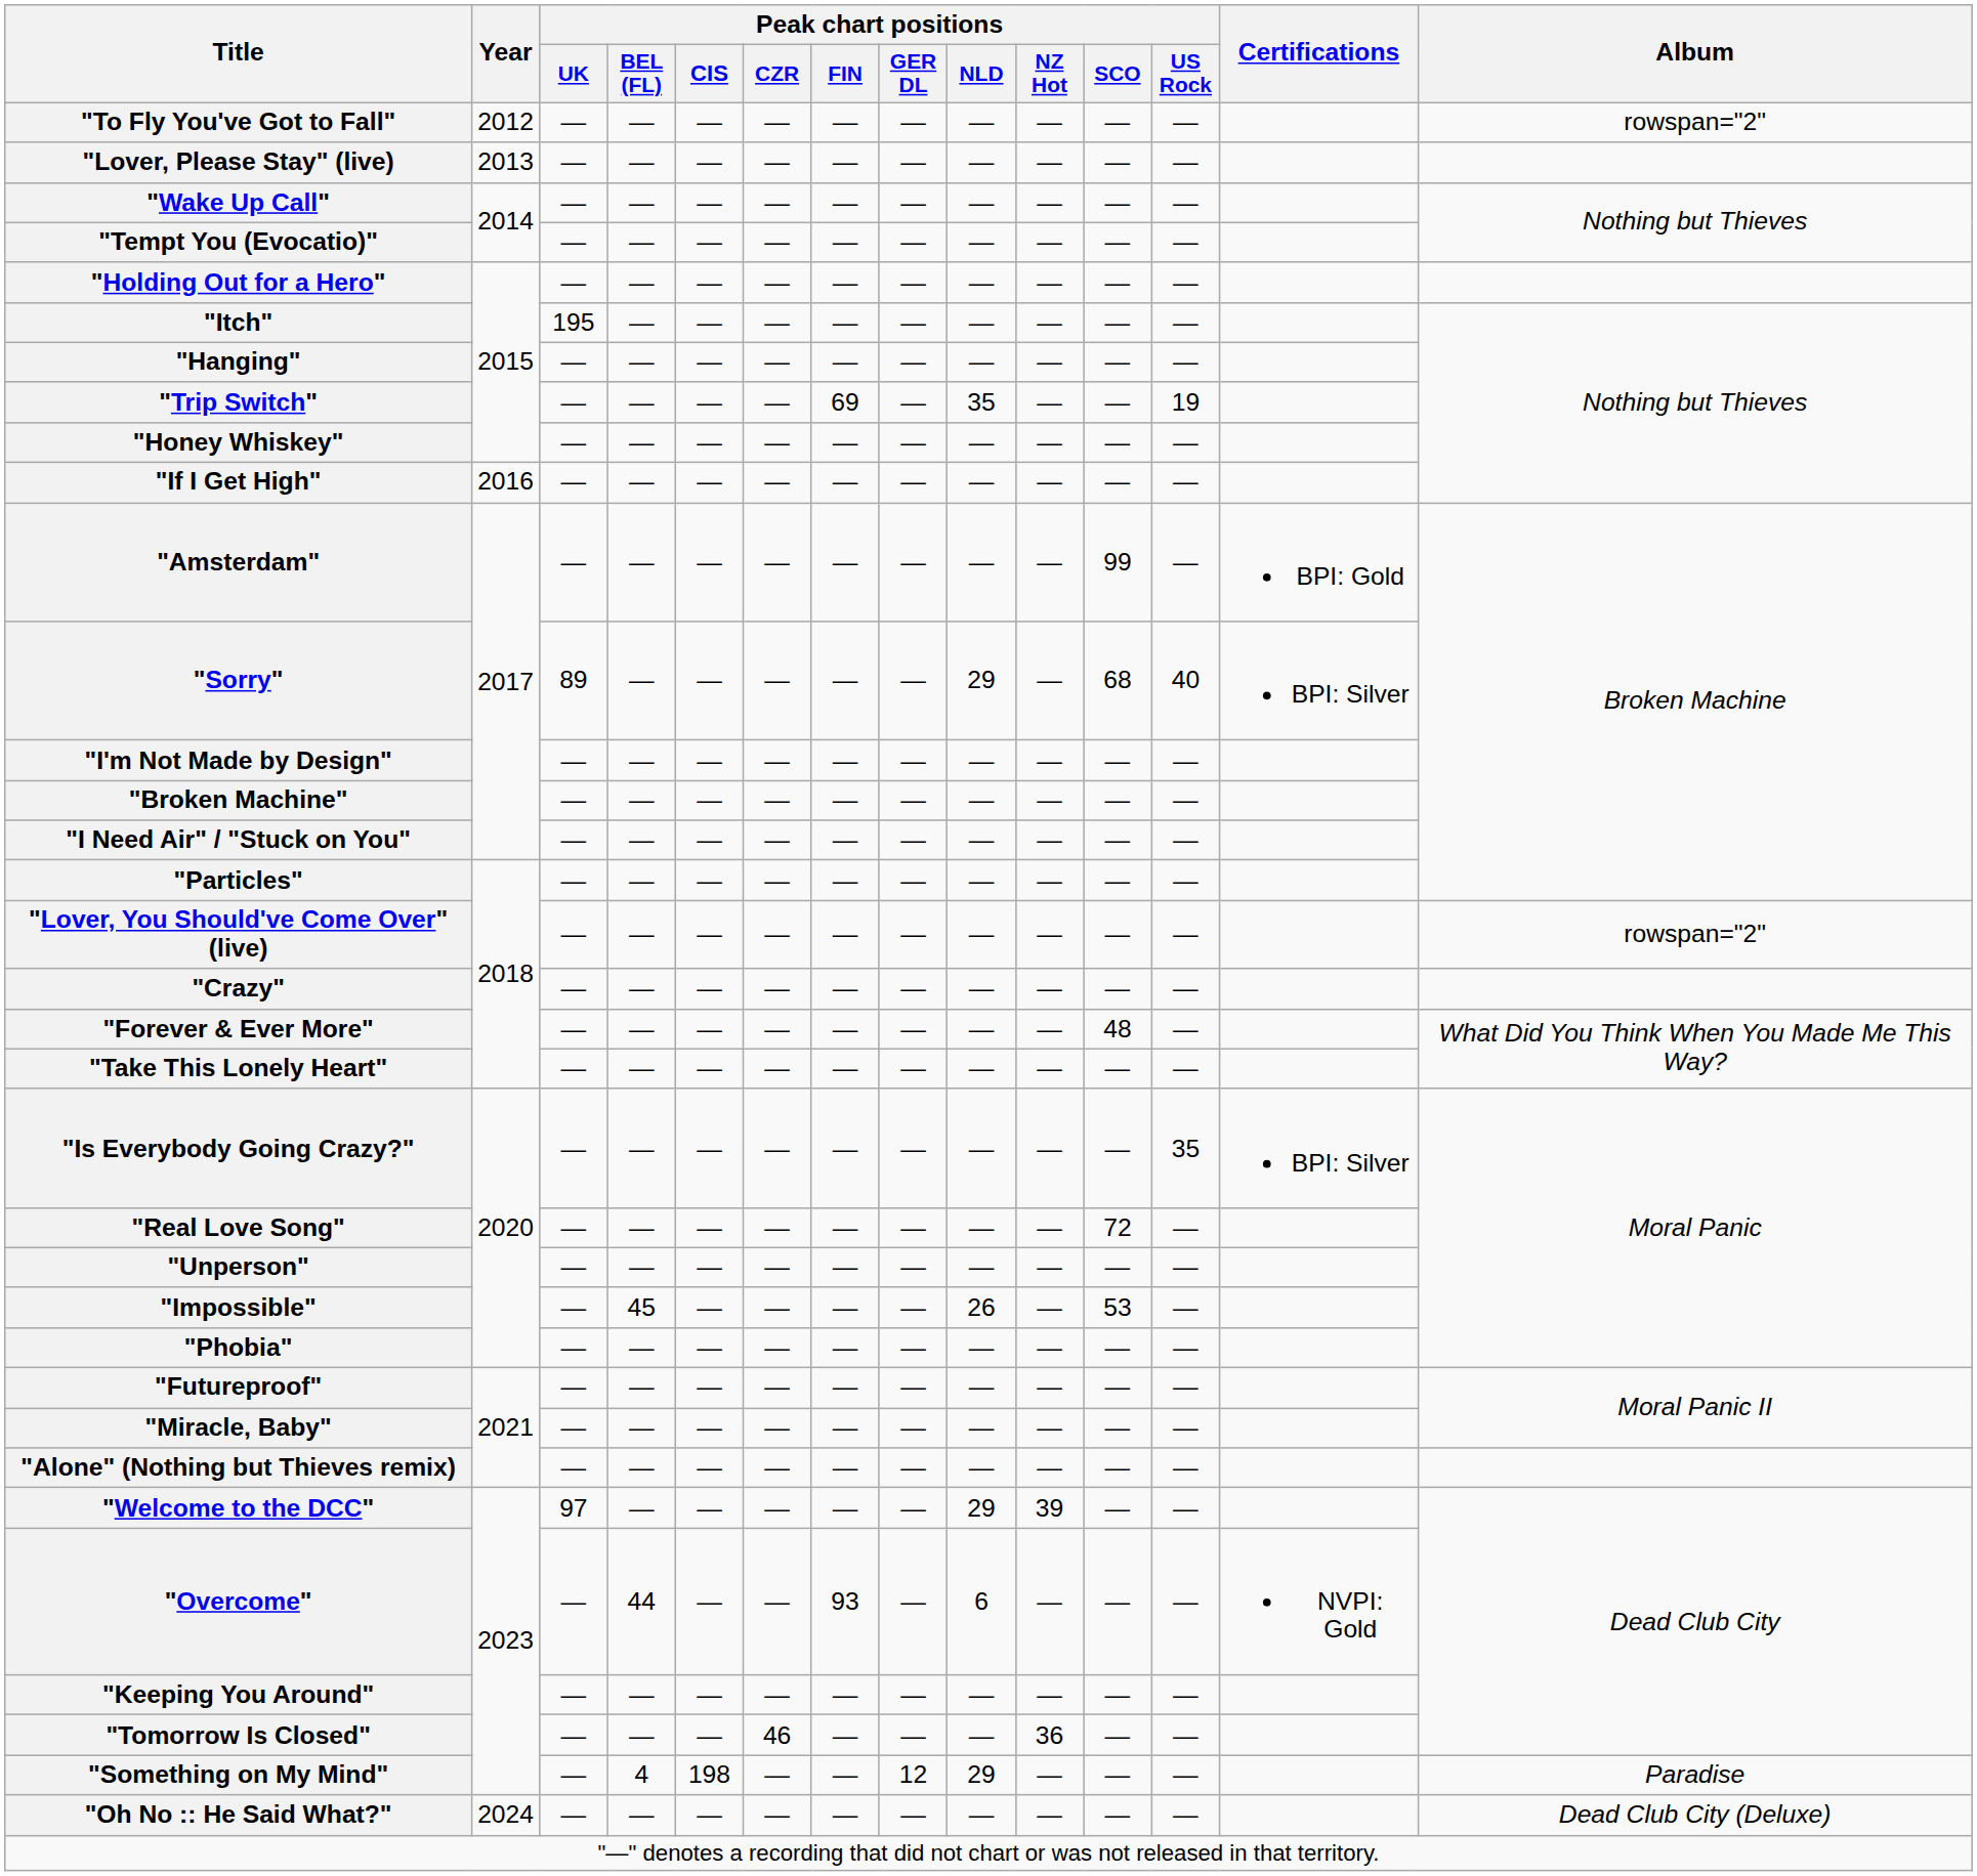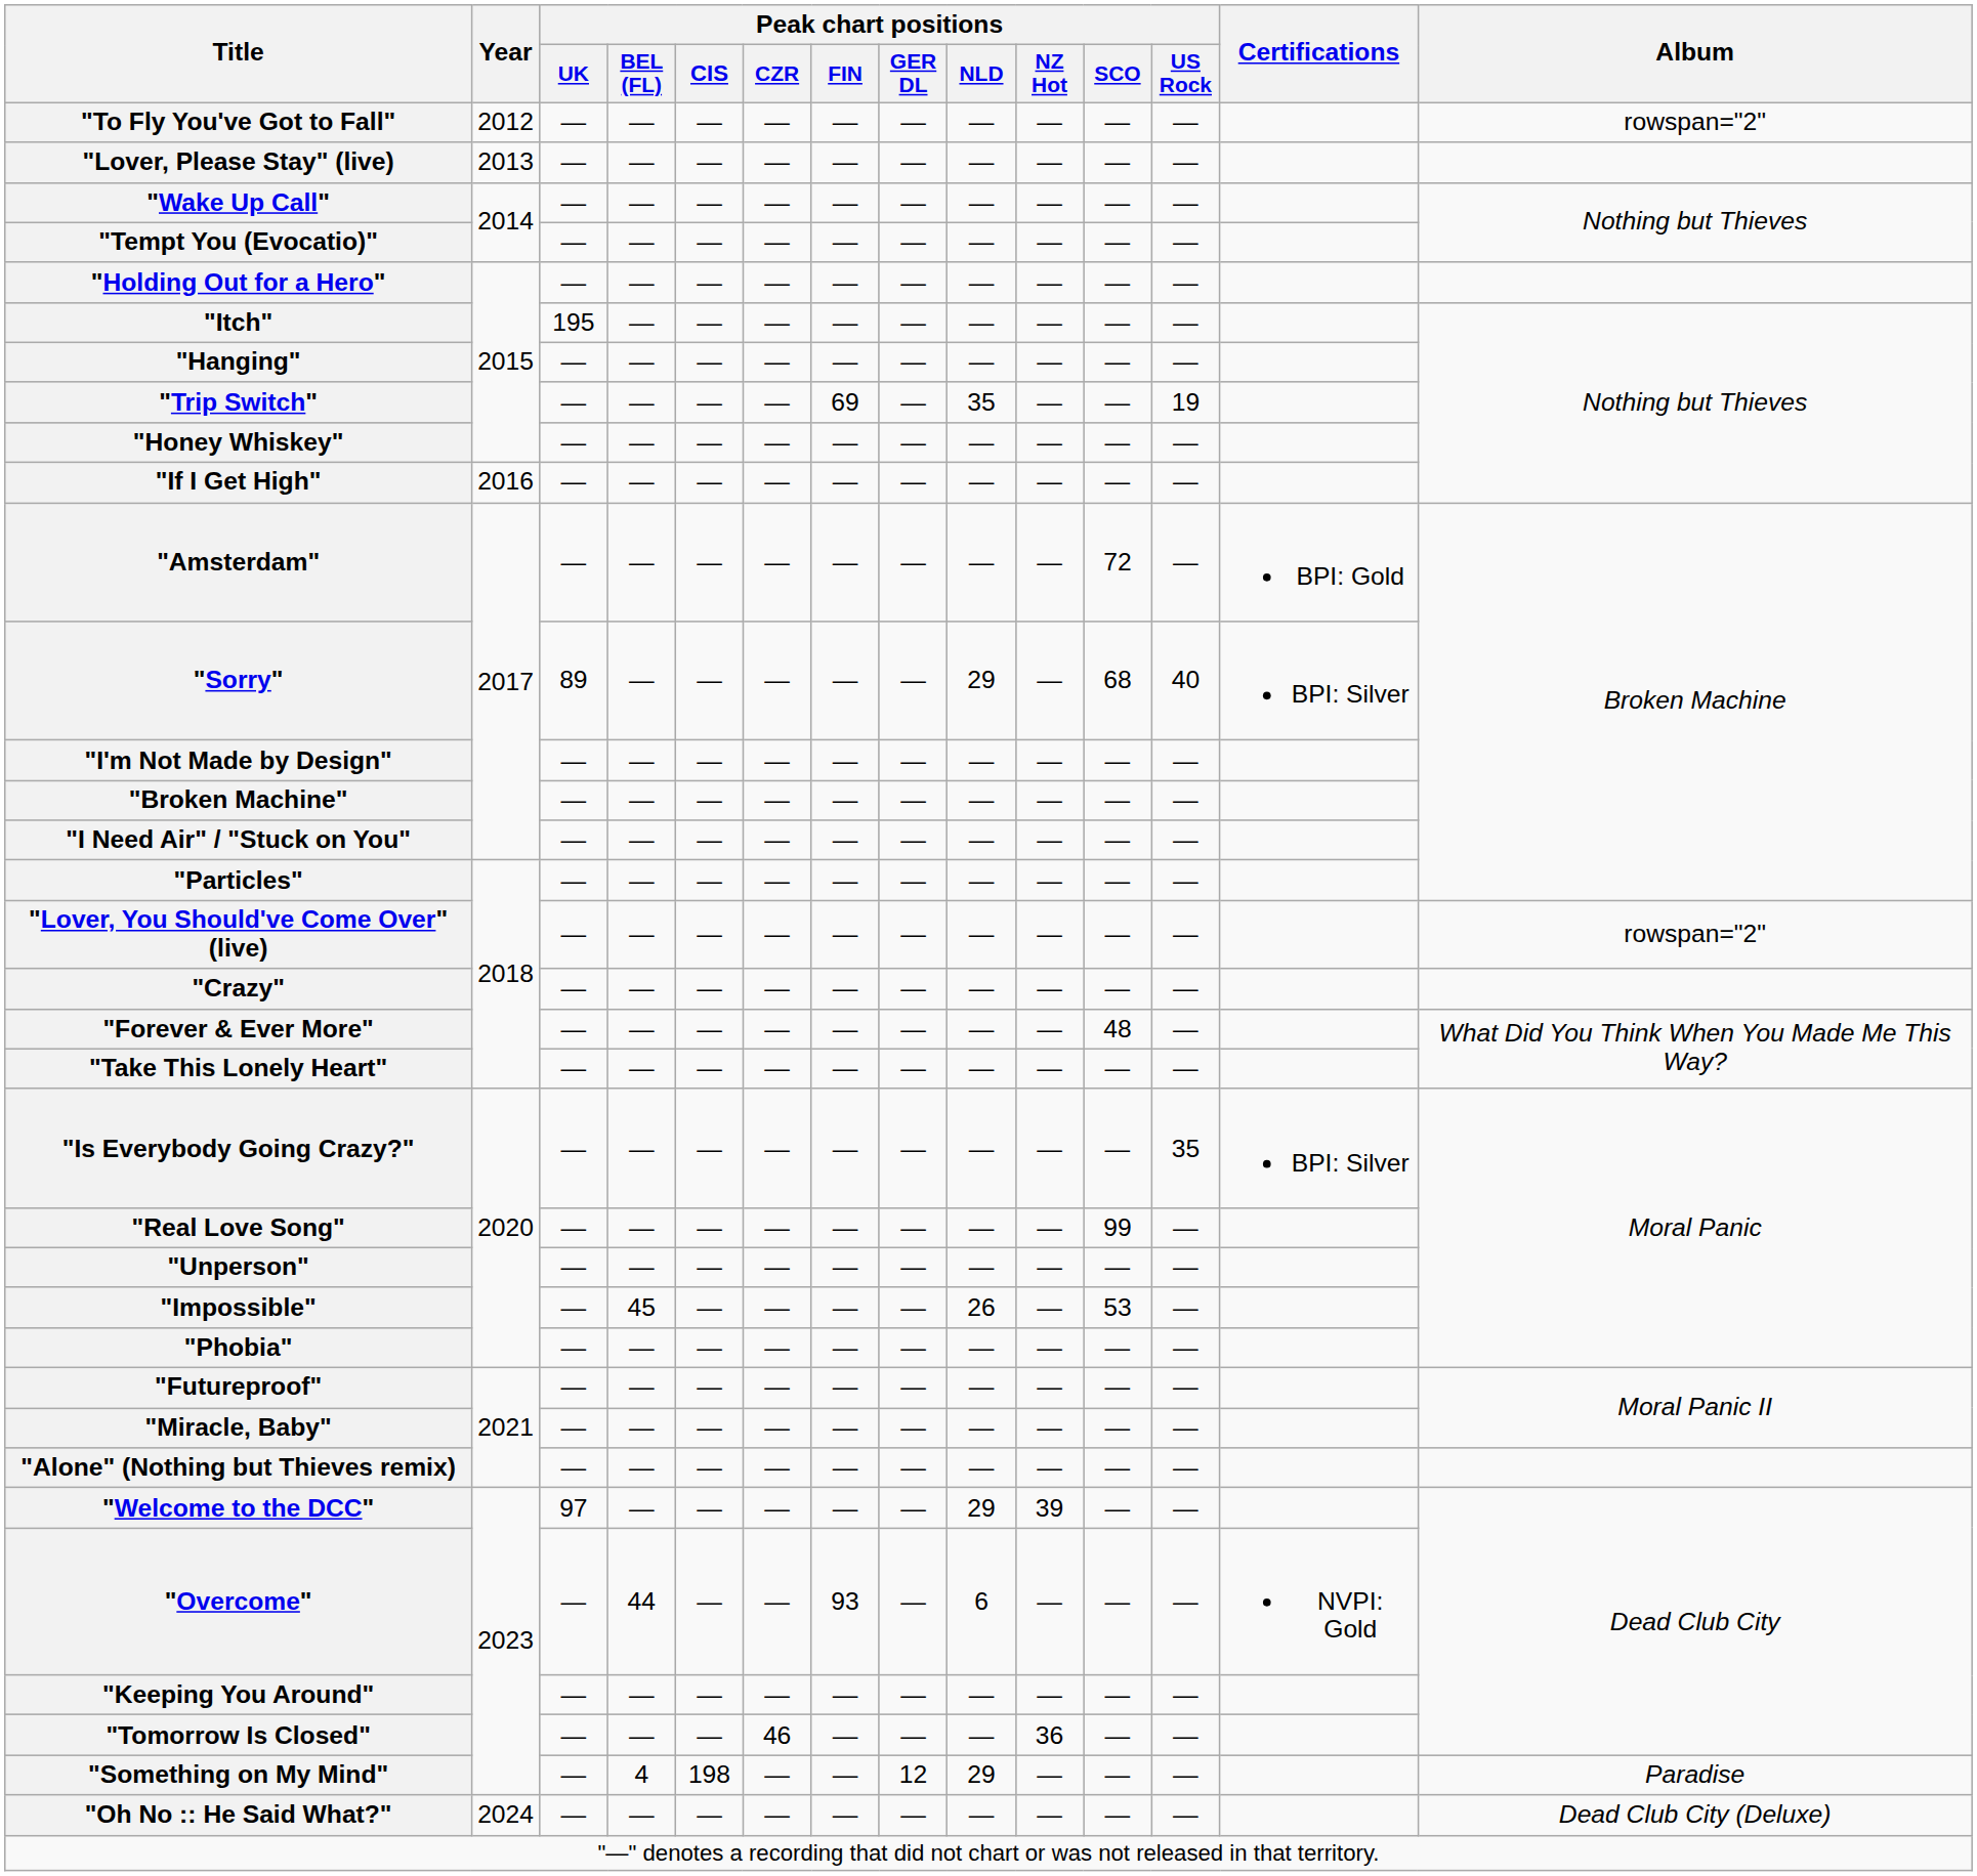 <table class="wikitable plainrowheaders" style="text-align:center;">
 <tr>
 <th scope="col" rowspan="2">Title</th>
 <th scope="col" rowspan="2">Year</th>
 <th scope="col" colspan="10">Peak chart positions</th>
 <th scope="col" rowspan="2"><a href='#'>Certifications</a></th>
 <th scope="col" rowspan="2">Album</th>
 </tr>
 <tr>
 <th scope="col" style="width:2.7em;font-size:85%;"><a href='#'>UK</a><br></th>
 <th scope="col" style="width:2.7em;font-size:85%;"><a href='#'>BEL<br>(FL)</a><br></th>
 <th scope="col" style="width:2.5em;font-size:90%;"><a href='#'>CIS</a><br></th>
 <th scope="col" style="width:2.7em;font-size:85%;"><a href='#'>CZR</a><br></th>
 <th scope="col" style="width:2.7em;font-size:85%;"><a href='#'>FIN</a><br></th>
 <th scope="col" style="width:2.7em;font-size:85%;"><a href='#'>GER<br>DL</a><br></th>
 <th scope="col" style="width:2.7em;font-size:85%;"><a href='#'>NLD</a><br></th>
 <th scope="col" style="width:2.7em;font-size:85%;"><a href='#'>NZ<br>Hot</a><br></th>
 <th scope="col" style="width:2.7em;font-size:85%;"><a href='#'>SCO</a><br></th>
 <th scope="col" style="width:2.7em;font-size:85%;"><a href='#'>US<br>Rock</a><br></th>
 </tr>
 <tr>
 <th scope="row">"To Fly You've Got to Fall"</th>
 <td>2012</td>
 <td>—</td>
 <td>—</td>
 <td>—</td>
 <td>—</td>
 <td>—</td>
 <td>—</td>
 <td>—</td>
 <td>—</td>
 <td>—</td>
 <td>—</td>
 <td></td>
 <td>rowspan="2" </td>
 </tr>
 <tr>
 <th scope="row">"Lover, Please Stay" (live)</th>
 <td>2013</td>
 <td>—</td>
 <td>—</td>
 <td>—</td>
 <td>—</td>
 <td>—</td>
 <td>—</td>
 <td>—</td>
 <td>—</td>
 <td>—</td>
 <td>—</td>
 <td></td>
 </tr>
 <tr>
 <th scope="row">"<a href='#'>Wake Up Call</a>"</th>
 <td rowspan="2">2014</td>
 <td>—</td>
 <td>—</td>
 <td>—</td>
 <td>—</td>
 <td>—</td>
 <td>—</td>
 <td>—</td>
 <td>—</td>
 <td>—</td>
 <td>—</td>
 <td></td>
 <td rowspan="2"><em>Nothing but Thieves</em></td>
 </tr>
 <tr>
 <th scope="row">"Tempt You (Evocatio)"</th>
 <td>—</td>
 <td>—</td>
 <td>—</td>
 <td>—</td>
 <td>—</td>
 <td>—</td>
 <td>—</td>
 <td>—</td>
 <td>—</td>
 <td>—</td>
 <td></td>
 </tr>
 <tr>
 <th scope="row">"<a href='#'>Holding Out for a Hero</a>"</th>
 <td rowspan="5">2015</td>
 <td>—</td>
 <td>—</td>
 <td>—</td>
 <td>—</td>
 <td>—</td>
 <td>—</td>
 <td>—</td>
 <td>—</td>
 <td>—</td>
 <td>—</td>
 <td></td>
 <td></td>
 </tr>
 <tr>
 <th scope="row">"Itch"</th>
 <td>195</td>
 <td>—</td>
 <td>—</td>
 <td>—</td>
 <td>—</td>
 <td>—</td>
 <td>—</td>
 <td>—</td>
 <td>—</td>
 <td>—</td>
 <td></td>
 <td rowspan="5"><em>Nothing but Thieves</em></td>
 </tr>
 <tr>
 <th scope="row">"Hanging"</th>
 <td>—</td>
 <td>—</td>
 <td>—</td>
 <td>—</td>
 <td>—</td>
 <td>—</td>
 <td>—</td>
 <td>—</td>
 <td>—</td>
 <td>—</td>
 <td></td>
 </tr>
 <tr>
 <th scope="row">"<a href='#'>Trip Switch</a>"</th>
 <td>—</td>
 <td>—</td>
 <td>—</td>
 <td>—</td>
 <td>69</td>
 <td>—</td>
 <td>35</td>
 <td>—</td>
 <td>—</td>
 <td>19</td>
 <td></td>
 </tr>
 <tr>
 <th scope="row">"Honey Whiskey"</th>
 <td>—</td>
 <td>—</td>
 <td>—</td>
 <td>—</td>
 <td>—</td>
 <td>—</td>
 <td>—</td>
 <td>—</td>
 <td>—</td>
 <td>—</td>
 <td></td>
 </tr>
 <tr>
 <th scope="row">"If I Get High"</th>
 <td>2016</td>
 <td>—</td>
 <td>—</td>
 <td>—</td>
 <td>—</td>
 <td>—</td>
 <td>—</td>
 <td>—</td>
 <td>—</td>
 <td>—</td>
 <td>—</td>
 <td></td>
 </tr>
 <tr>
 <th scope="row">"Amsterdam"</th>
 <td rowspan="5">2017</td>
 <td>—</td>
 <td>—</td>
 <td>—</td>
 <td>—</td>
 <td>—</td>
 <td>—</td>
 <td>—</td>
 <td>—</td>
-<td>99</td>
+<td>72</td>
 <td>—</td>
 <td><br><ul><li>BPI: Gold</li></ul></td>
 <td rowspan="6"><em>Broken Machine</em></td>
 </tr>
 <tr>
 <th scope="row">"<a href='#'>Sorry</a>"</th>
 <td>89</td>
 <td>—</td>
 <td>—</td>
 <td>—</td>
 <td>—</td>
 <td>—</td>
 <td>29</td>
 <td>—</td>
 <td>68</td>
 <td>40</td>
 <td><br><ul><li>BPI: Silver</li></ul></td>
 </tr>
 <tr>
 <th scope="row">"I'm Not Made by Design"</th>
 <td>—</td>
 <td>—</td>
 <td>—</td>
 <td>—</td>
 <td>—</td>
 <td>—</td>
 <td>—</td>
 <td>—</td>
 <td>—</td>
 <td>—</td>
 <td></td>
 </tr>
 <tr>
 <th scope="row">"Broken Machine"</th>
 <td>—</td>
 <td>—</td>
 <td>—</td>
 <td>—</td>
 <td>—</td>
 <td>—</td>
 <td>—</td>
 <td>—</td>
 <td>—</td>
 <td>—</td>
 <td></td>
 </tr>
 <tr>
 <th scope="row">"I Need Air" / "Stuck on You"</th>
 <td>—</td>
 <td>—</td>
 <td>—</td>
 <td>—</td>
 <td>—</td>
 <td>—</td>
 <td>—</td>
 <td>—</td>
 <td>—</td>
 <td>—</td>
 <td></td>
 </tr>
 <tr>
 <th scope="row">"Particles"</th>
 <td rowspan="5">2018</td>
 <td>—</td>
 <td>—</td>
 <td>—</td>
 <td>—</td>
 <td>—</td>
 <td>—</td>
 <td>—</td>
 <td>—</td>
 <td>—</td>
 <td>—</td>
 <td></td>
 </tr>
 <tr>
 <th scope="row">"<a href='#'>Lover, You Should've Come Over</a>" (live)</th>
 <td>—</td>
 <td>—</td>
 <td>—</td>
 <td>—</td>
 <td>—</td>
 <td>—</td>
 <td>—</td>
 <td>—</td>
 <td>—</td>
 <td>—</td>
 <td></td>
 <td>rowspan="2" </td>
 </tr>
 <tr>
 <th scope="row">"Crazy"</th>
 <td>—</td>
 <td>—</td>
 <td>—</td>
 <td>—</td>
 <td>—</td>
 <td>—</td>
 <td>—</td>
 <td>—</td>
 <td>—</td>
 <td>—</td>
 <td></td>
 </tr>
 <tr>
 <th scope="row">"Forever & Ever More"</th>
 <td>—</td>
 <td>—</td>
 <td>—</td>
 <td>—</td>
 <td>—</td>
 <td>—</td>
 <td>—</td>
 <td>—</td>
 <td>48</td>
 <td>—</td>
 <td></td>
 <td rowspan="2"><em>What Did You Think When You Made Me This Way?</em></td>
 </tr>
 <tr>
 <th scope="row">"Take This Lonely Heart"</th>
 <td>—</td>
 <td>—</td>
 <td>—</td>
 <td>—</td>
 <td>—</td>
 <td>—</td>
 <td>—</td>
 <td>—</td>
 <td>—</td>
 <td>—</td>
 <td></td>
 </tr>
 <tr>
 <th scope="row">"Is Everybody Going Crazy?"</th>
 <td rowspan="5">2020</td>
 <td>—</td>
 <td>—</td>
 <td>—</td>
 <td>—</td>
 <td>—</td>
 <td>—</td>
 <td>—</td>
 <td>—</td>
 <td>—</td>
 <td>35</td>
 <td><br><ul><li>BPI: Silver</li></ul></td>
 <td rowspan="5"><em>Moral Panic</em></td>
 </tr>
 <tr>
 <th scope="row">"Real Love Song"</th>
 <td>—</td>
 <td>—</td>
 <td>—</td>
 <td>—</td>
 <td>—</td>
 <td>—</td>
 <td>—</td>
 <td>—</td>
-<td>72</td>
+<td>99</td>
 <td>—</td>
 <td></td>
 </tr>
 <tr>
 <th scope="row">"Unperson"</th>
 <td>—</td>
 <td>—</td>
 <td>—</td>
 <td>—</td>
 <td>—</td>
 <td>—</td>
 <td>—</td>
 <td>—</td>
 <td>—</td>
 <td>—</td>
 <td></td>
 </tr>
 <tr>
 <th scope="row">"Impossible"</th>
 <td>—</td>
 <td>45</td>
 <td>—</td>
 <td>—</td>
 <td>—</td>
 <td>—</td>
 <td>26</td>
 <td>—</td>
 <td>53</td>
 <td>—</td>
 <td></td>
 </tr>
 <tr>
 <th scope="row">"Phobia"</th>
 <td>—</td>
 <td>—</td>
 <td>—</td>
 <td>—</td>
 <td>—</td>
 <td>—</td>
 <td>—</td>
 <td>—</td>
 <td>—</td>
 <td>—</td>
 <td></td>
 </tr>
 <tr>
 <th scope="row">"Futureproof"</th>
 <td rowspan="3">2021</td>
 <td>—</td>
 <td>—</td>
 <td>—</td>
 <td>—</td>
 <td>—</td>
 <td>—</td>
 <td>—</td>
 <td>—</td>
 <td>—</td>
 <td>—</td>
 <td></td>
 <td rowspan="2"><em>Moral Panic II</em></td>
 </tr>
 <tr>
 <th scope="row">"Miracle, Baby"</th>
 <td>—</td>
 <td>—</td>
 <td>—</td>
 <td>—</td>
 <td>—</td>
 <td>—</td>
 <td>—</td>
 <td>—</td>
 <td>—</td>
 <td>—</td>
 <td></td>
 </tr>
 <tr>
 <th scope="row">"Alone" (Nothing but Thieves remix)<br></th>
 <td>—</td>
 <td>—</td>
 <td>—</td>
 <td>—</td>
 <td>—</td>
 <td>—</td>
 <td>—</td>
 <td>—</td>
 <td>—</td>
 <td>—</td>
 <td></td>
 <td></td>
 </tr>
 <tr>
 <th scope="row">"<a href='#'>Welcome to the DCC</a>"</th>
 <td rowspan="5">2023</td>
 <td>97</td>
 <td>—</td>
 <td>—</td>
 <td>—</td>
 <td>—</td>
 <td>—</td>
 <td>29</td>
 <td>39</td>
 <td>—</td>
 <td>—</td>
 <td></td>
 <td rowspan="4"><em>Dead Club City</em></td>
 </tr>
 <tr>
 <th scope="row">"<a href='#'>Overcome</a>"</th>
 <td>—</td>
 <td>44</td>
 <td>—</td>
 <td>—</td>
 <td>93</td>
 <td>—</td>
 <td>6</td>
 <td>—</td>
 <td>—</td>
 <td>—</td>
 <td><br><ul><li>NVPI: Gold</li></ul></td>
 </tr>
 <tr>
 <th scope="row">"Keeping You Around"</th>
 <td>—</td>
 <td>—</td>
 <td>—</td>
 <td>—</td>
 <td>—</td>
 <td>—</td>
 <td>—</td>
 <td>—</td>
 <td>—</td>
 <td>—</td>
 <td></td>
 </tr>
 <tr>
 <th scope="row">"Tomorrow Is Closed"</th>
 <td>—</td>
 <td>—</td>
 <td>—</td>
 <td>46</td>
 <td>—</td>
 <td>—</td>
 <td>—</td>
 <td>36</td>
 <td>—</td>
 <td>—</td>
 <td></td>
 </tr>
 <tr>
 <th scope="row">"Something on My Mind"<br></th>
 <td>—</td>
 <td>4</td>
 <td>198</td>
 <td>—</td>
 <td>—</td>
 <td>12</td>
 <td>29</td>
 <td>—</td>
 <td>—</td>
 <td>—</td>
 <td></td>
 <td><em>Paradise</em></td>
 </tr>
 <tr>
 <th scope="row">"Oh No :: He Said What?"</th>
 <td>2024</td>
 <td>—</td>
 <td>—</td>
 <td>—</td>
 <td>—</td>
 <td>—</td>
 <td>—</td>
 <td>—</td>
 <td>—</td>
 <td>—</td>
 <td>—</td>
 <td></td>
 <td><em>Dead Club City (Deluxe)</em></td>
 </tr>
 <tr>
 <td colspan="17" style="font-size:90%">"—" denotes a recording that did not chart or was not released in that territory.</td>
 </tr>
 </table>
